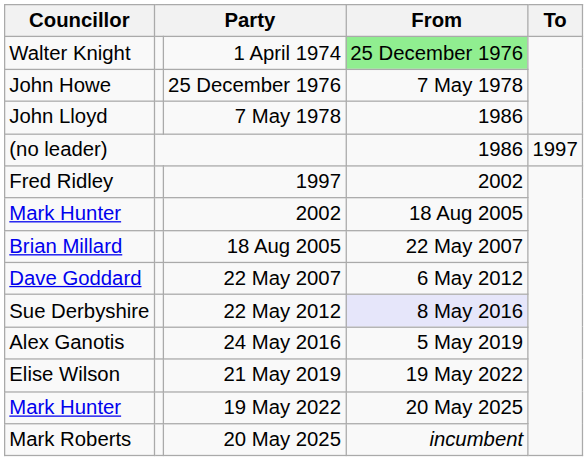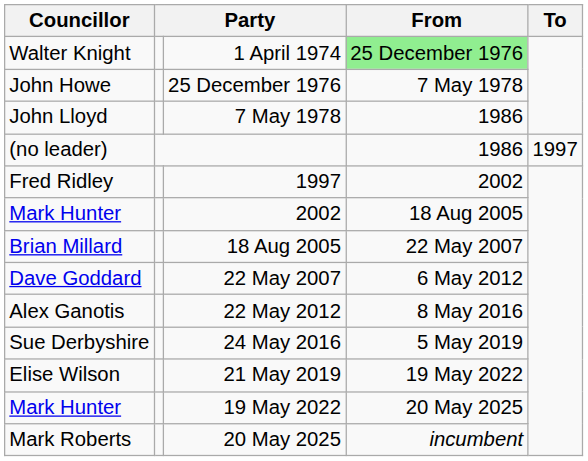 <table class=wikitable>
 <tr>
 <th>Councillor</th>
 <th colspan=2>Party</th>
 <th>From</th>
 <th>To</th>
 </tr>
 <tr>
 <td>Walter Knight</td>
 <td></td>
 <td align=right>1 April 1974</td>
 <td align=right style="background: lightgreen;">25 December 1976</td>
 </tr>
 <tr>
 <td>John Howe</td>
 <td></td>
 <td align=right>25 December 1976</td>
 <td align=right>7 May 1978</td>
 </tr>
 <tr>
 <td>John Lloyd</td>
 <td></td>
 <td align=right>7 May 1978</td>
 <td align=right>1986</td>
 </tr>
 <tr>
 <td>(no leader)</td>
 <td colspan=2></td>
 <td align=right>1986</td>
 <td align=right>1997</td>
 </tr>
 <tr>
 <td>Fred Ridley</td>
 <td></td>
 <td align=right>1997</td>
 <td align=right>2002</td>
 </tr>
 <tr>
 <td><a href='#'>Mark Hunter</a></td>
 <td></td>
 <td align=right>2002</td>
 <td align=right>18 Aug 2005</td>
 </tr>
 <tr>
 <td><a href='#'>Brian Millard</a></td>
 <td></td>
 <td align=right>18 Aug 2005</td>
 <td align=right>22 May 2007</td>
 </tr>
 <tr>
 <td><a href='#'>Dave Goddard</a></td>
 <td></td>
 <td align=right>22 May 2007</td>
 <td align=right>6 May 2012</td>
 </tr>
 <tr>
-<td>Sue Derbyshire</td>
+<td>Alex Ganotis</td>
 <td></td>
 <td align=right>22 May 2012</td>
-<td align=right style="background: lavender;">8 May 2016</td>
+<td align=right>8 May 2016</td>
 </tr>
 <tr>
-<td>Alex Ganotis</td>
+<td>Sue Derbyshire</td>
 <td></td>
 <td align=right>24 May 2016</td>
 <td align=right>5 May 2019</td>
 </tr>
 <tr>
 <td>Elise Wilson</td>
 <td></td>
 <td align=right>21 May 2019</td>
 <td align=right>19 May 2022</td>
 </tr>
 <tr>
 <td><a href='#'>Mark Hunter</a></td>
 <td></td>
 <td align=right>19 May 2022</td>
 <td align=right>20 May 2025</td>
 </tr>
 <tr>
 <td>Mark Roberts</td>
 <td></td>
 <td align=right>20 May 2025</td>
 <td align=right><em>incumbent</em></td>
 </tr>
 </table>
